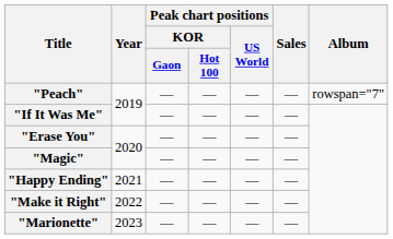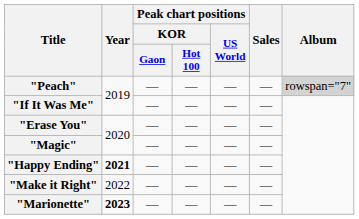 <table class="wikitable plainrowheaders" style="text-align:center;">
 <tr>
 <th rowspan="3">Title</th>
 <th rowspan="3">Year</th>
 <th colspan="3">Peak chart positions</th>
 <th rowspan="3">Sales</th>
 <th rowspan="3">Album</th>
 </tr>
 <tr>
 <th colspan="2">KOR</th>
 <th scope="col" rowspan="2" style="width:3em;font-size:90%;"><a href='#'>US<br>World</a><br></th>
 </tr>
 <tr>
 <th scope="col" style="width:3em;font-size:90%;"><a href='#'>Gaon</a><br></th>
 <th scope="col" style="width:3em;font-size:90%;"><a href='#'>Hot<br>100</a><br></th>
 </tr>
 <tr>
 <th scope="row">"Peach" </th>
 <td rowspan="2">2019</td>
 <td>—</td>
 <td>—</td>
 <td>—</td>
 <td>—</td>
-<td>rowspan="7" </td>
+<td style="background: lightgrey;">rowspan="7" </td>
 </tr>
 <tr>
 <th scope="row">"If It Was Me" </th>
 <td>—</td>
 <td>—</td>
 <td>—</td>
 <td>—</td>
 </tr>
 <tr>
 <th scope="row">"Erase You" </th>
 <td rowspan="2">2020</td>
 <td>—</td>
 <td>—</td>
 <td>—</td>
 <td>—</td>
 </tr>
 <tr>
 <th scope="row">"Magic" </th>
 <td>—</td>
 <td>—</td>
 <td>—</td>
 <td>—</td>
 </tr>
 <tr>
 <th scope="row">"Happy Ending" </th>
-<td>2021</td>
+<td><strong>2021</strong></td>
 <td>—</td>
 <td>—</td>
 <td>—</td>
 <td>—</td>
 </tr>
 <tr>
 <th scope="row">"Make it Right"  </th>
 <td>2022</td>
 <td>—</td>
 <td>—</td>
 <td>—</td>
 <td>—</td>
 </tr>
 <tr>
 <th scope="row">"Marionette"  </th>
-<td>2023</td>
+<td><strong>2023</strong></td>
 <td>—</td>
 <td>—</td>
 <td>—</td>
 <td>—</td>
 </tr>
 </table>
